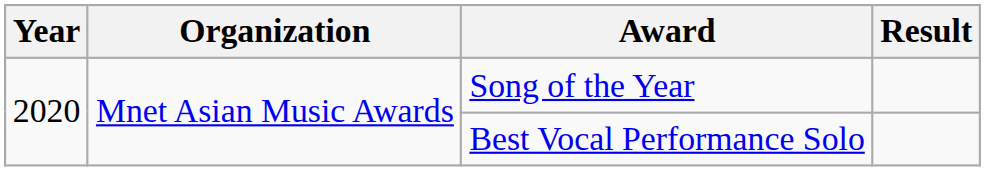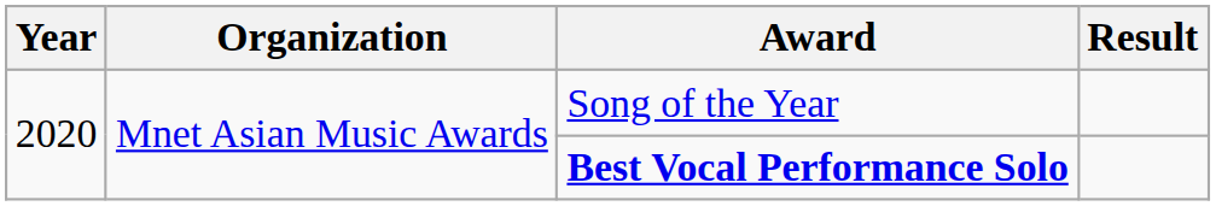 <table class="wikitable plainrowheaders">
 <tr>
 <th scope="col">Year</th>
 <th scope="col">Organization</th>
 <th scope="col">Award</th>
 <th scope="col">Result</th>
 </tr>
 <tr>
 <td rowspan="2">2020</td>
 <td rowspan="2"><a href='#'>Mnet Asian Music Awards</a></td>
 <td><a href='#'>Song of the Year</a></td>
 <td></td>
 </tr>
 <tr>
-<td><a href='#'>Best Vocal Performance Solo</a></td>
+<td><strong><a href='#'>Best Vocal Performance Solo</a></strong></td>
 <td></td>
 </tr>
 </table>
